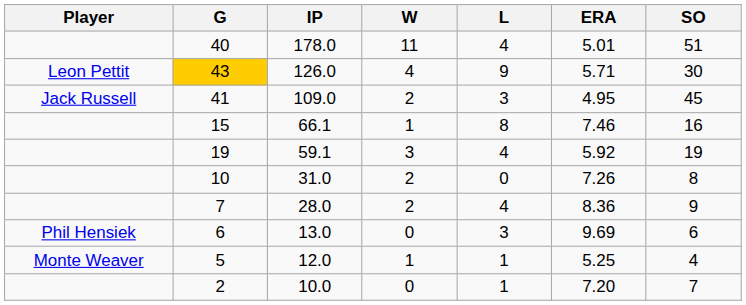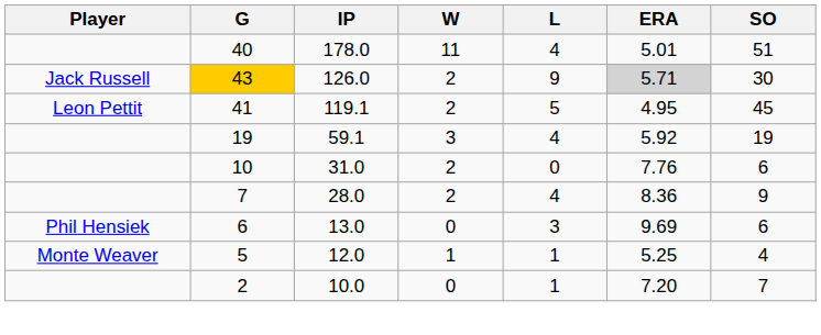 <table class="wikitable sortable">
 <tr>
 <th bgcolor="#DDDDFF" width="16%">Player</th>
 <th bgcolor="#DDDDFF" width="9%">G</th>
 <th bgcolor="#DDDDFF" width="9%">IP</th>
 <th bgcolor="#DDDDFF" width="9%">W</th>
 <th bgcolor="#DDDDFF" width="9%">L</th>
 <th bgcolor="#DDDDFF" width="9%">ERA</th>
 <th bgcolor="#DDDDFF" width="9%">SO</th>
 </tr>
 <tr align="center">
 <td></td>
 <td>40</td>
 <td>178.0</td>
 <td>11</td>
 <td>4</td>
 <td>5.01</td>
 <td>51</td>
 </tr>
 <tr align="center">
-<td><a href='#'>Leon Pettit</a></td>
+<td><a href='#'>Jack Russell</a></td>
 <td style="background:#fc0;">43</td>
 <td>126.0</td>
-<td>4</td>
+<td>2</td>
 <td>9</td>
-<td>5.71</td>
+<td style="background: lightgrey;">5.71</td>
 <td>30</td>
 </tr>
 <tr align=center>
-<td><a href='#'>Jack Russell</a></td>
+<td><a href='#'>Leon Pettit</a></td>
 <td>41</td>
-<td>109.0</td>
+<td>119.1</td>
 <td>2</td>
-<td>3</td>
+<td>5</td>
 <td>4.95</td>
 <td>45</td>
-</tr>
-<tr align=center>
-<td></td>
-<td>15</td>
-<td>66.1</td>
-<td>1</td>
-<td>8</td>
-<td>7.46</td>
-<td>16</td>
 </tr>
 <tr align="center">
 <td></td>
 <td>19</td>
 <td>59.1</td>
 <td>3</td>
 <td>4</td>
 <td>5.92</td>
 <td>19</td>
 </tr>
 <tr align="center">
 <td></td>
 <td>10</td>
 <td>31.0</td>
 <td>2</td>
 <td>0</td>
-<td>7.26</td>
-<td>8</td>
+<td>7.76</td>
+<td>6</td>
 </tr>
 <tr align="center">
 <td></td>
 <td>7</td>
 <td>28.0</td>
 <td>2</td>
 <td>4</td>
 <td>8.36</td>
 <td>9</td>
 </tr>
 <tr align="center">
 <td><a href='#'>Phil Hensiek</a></td>
 <td>6</td>
 <td>13.0</td>
 <td>0</td>
 <td>3</td>
 <td>9.69</td>
 <td>6</td>
 </tr>
 <tr align=center>
 <td><a href='#'>Monte Weaver</a></td>
 <td>5</td>
 <td>12.0</td>
 <td>1</td>
 <td>1</td>
 <td>5.25</td>
 <td>4</td>
 </tr>
 <tr align=center>
 <td></td>
 <td>2</td>
 <td>10.0</td>
 <td>0</td>
 <td>1</td>
 <td>7.20</td>
 <td>7</td>
 </tr>
 </table>
